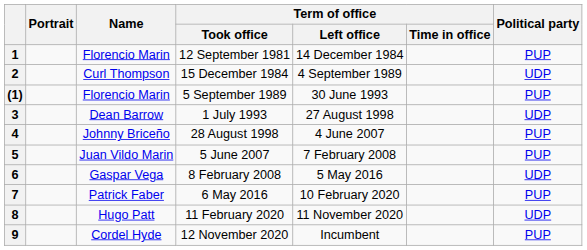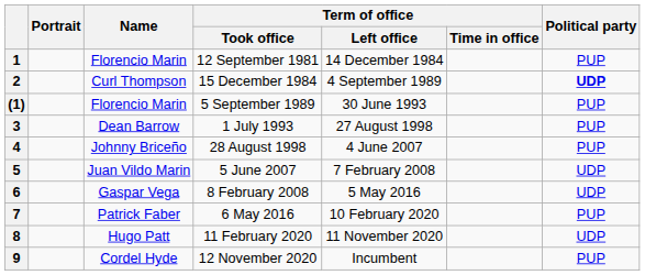 <table class=wikitable style=text-align:center>
 <tr>
 <th rowspan="2"></th>
 <th rowspan="2">Portrait</th>
 <th rowspan="2">Name</th>
 <th colspan="3">Term of office</th>
 <th rowspan="2">Political party</th>
 </tr>
 <tr>
 <th>Took office</th>
 <th>Left office</th>
 <th>Time in office</th>
 </tr>
 <tr>
 <th style="background:">1</th>
 <td></td>
 <td><a href='#'>Florencio Marin</a><br></td>
 <td>12 September 1981</td>
 <td>14 December 1984</td>
 <td></td>
 <td><a href='#'>PUP</a></td>
 </tr>
 <tr>
 <th style="background:">2</th>
 <td></td>
 <td><a href='#'>Curl Thompson</a></td>
 <td>15 December 1984</td>
 <td>4 September 1989</td>
 <td></td>
-<td><a href='#'>UDP</a></td>
+<td><strong><a href='#'>UDP</a></strong></td>
 </tr>
 <tr>
 <th style="background:">(1)</th>
 <td></td>
 <td><a href='#'>Florencio Marin</a><br></td>
 <td>5 September 1989</td>
 <td>30 June 1993</td>
 <td></td>
 <td><a href='#'>PUP</a></td>
 </tr>
 <tr>
 <th style="background:">3</th>
 <td></td>
 <td><a href='#'>Dean Barrow</a></td>
 <td>1 July 1993</td>
 <td>27 August 1998</td>
 <td></td>
-<td><a href='#'>UDP</a></td>
+<td><a href='#'>PUP</a></td>
 </tr>
 <tr>
 <th style="background:">4</th>
 <td></td>
 <td><a href='#'>Johnny Briceño</a></td>
 <td>28 August 1998</td>
 <td>4 June 2007</td>
 <td></td>
 <td><a href='#'>PUP</a></td>
 </tr>
 <tr>
 <th style="background:">5</th>
 <td></td>
 <td><a href='#'>Juan Vildo Marin</a></td>
 <td>5 June 2007</td>
 <td>7 February 2008</td>
 <td></td>
-<td><a href='#'>PUP</a></td>
+<td><a href='#'>UDP</a></td>
 </tr>
 <tr>
 <th style="background:">6</th>
 <td></td>
 <td><a href='#'>Gaspar Vega</a></td>
 <td>8 February 2008</td>
 <td>5 May 2016</td>
 <td></td>
 <td><a href='#'>UDP</a></td>
 </tr>
 <tr>
 <th style="background:">7</th>
 <td></td>
 <td><a href='#'>Patrick Faber</a></td>
 <td>6 May 2016</td>
 <td>10 February 2020</td>
 <td></td>
 <td><a href='#'>PUP</a></td>
 </tr>
 <tr>
 <th style="background:">8</th>
 <td></td>
 <td><a href='#'>Hugo Patt</a></td>
 <td>11 February 2020</td>
 <td>11 November 2020</td>
 <td></td>
 <td><a href='#'>UDP</a></td>
 </tr>
 <tr>
 <th style="background:">9</th>
 <td></td>
 <td><a href='#'>Cordel Hyde</a></td>
 <td>12 November 2020</td>
 <td>Incumbent</td>
 <td></td>
 <td><a href='#'>PUP</a></td>
 </tr>
 </table>
